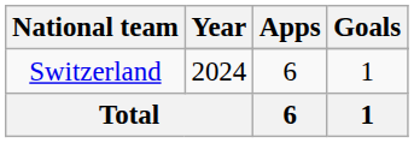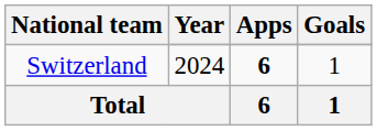 <table class=wikitable style=text-align:center>
 <tr>
 <th>National team</th>
 <th>Year</th>
 <th>Apps</th>
 <th>Goals</th>
 </tr>
 <tr>
 <td rowspan=2><a href='#'>Switzerland</a></td>
 </tr>
 <tr>
 <td>2024</td>
-<td>6</td>
+<td><strong>6</strong></td>
 <td>1</td>
 </tr>
 <tr>
 <th colspan=2>Total</th>
 <th>6</th>
 <th>1</th>
 </tr>
 </table>
